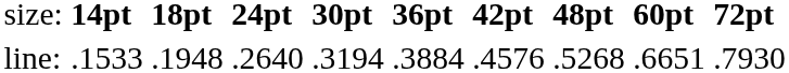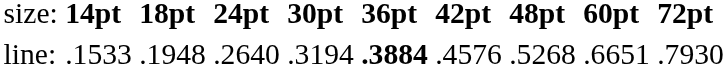 <table style="margin-left:40px;">
 <tr>
 <td>size:</td>
 <td><strong>14pt</strong></td>
 <td><strong>18pt</strong></td>
 <td><strong>24pt</strong></td>
 <td><strong>30pt</strong></td>
 <td><strong>36pt</strong></td>
 <td><strong>42pt</strong></td>
 <td><strong>48pt</strong></td>
 <td><strong>60pt</strong></td>
 <td><strong>72pt</strong></td>
 </tr>
 <tr>
 <td>line:</td>
 <td>.1533</td>
 <td>.1948</td>
 <td>.2640</td>
 <td>.3194</td>
-<td>.3884</td>
+<td><strong>.3884</strong></td>
 <td>.4576</td>
 <td>.5268</td>
 <td>.6651</td>
 <td>.7930</td>
 </tr>
 </table>
